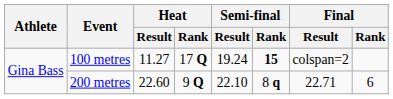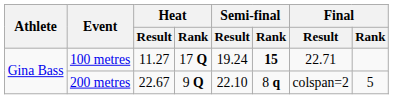 <table class="wikitable" style="font-size:90%">
 <tr>
 <th rowspan="2">Athlete</th>
 <th rowspan="2">Event</th>
 <th colspan="2">Heat</th>
 <th colspan="2">Semi-final</th>
 <th colspan="2">Final</th>
 </tr>
 <tr style="font-size:95%">
 <th>Result</th>
 <th>Rank</th>
 <th>Result</th>
 <th>Rank</th>
 <th>Result</th>
 <th>Rank</th>
 </tr>
 <tr style=text-align:center>
 <td style=text-align:left rowspan=2><a href='#'>Gina Bass</a></td>
 <td style=text-align:left><a href='#'>100 metres</a></td>
 <td>11.27</td>
 <td>17 <strong>Q</strong></td>
 <td>19.24</td>
 <td><strong>15</strong></td>
-<td>colspan=2</td>
+<td>22.71</td>
 </tr>
 <tr style=text-align:center>
 <td style=text-align:left><a href='#'>200 metres</a></td>
-<td>22.60</td>
+<td>22.67</td>
 <td>9 <strong>Q</strong></td>
 <td>22.10</td>
 <td>8 <strong>q</strong></td>
-<td>22.71</td>
-<td>6</td>
+<td>colspan=2</td>
+<td>5</td>
 </tr>
 </table>
